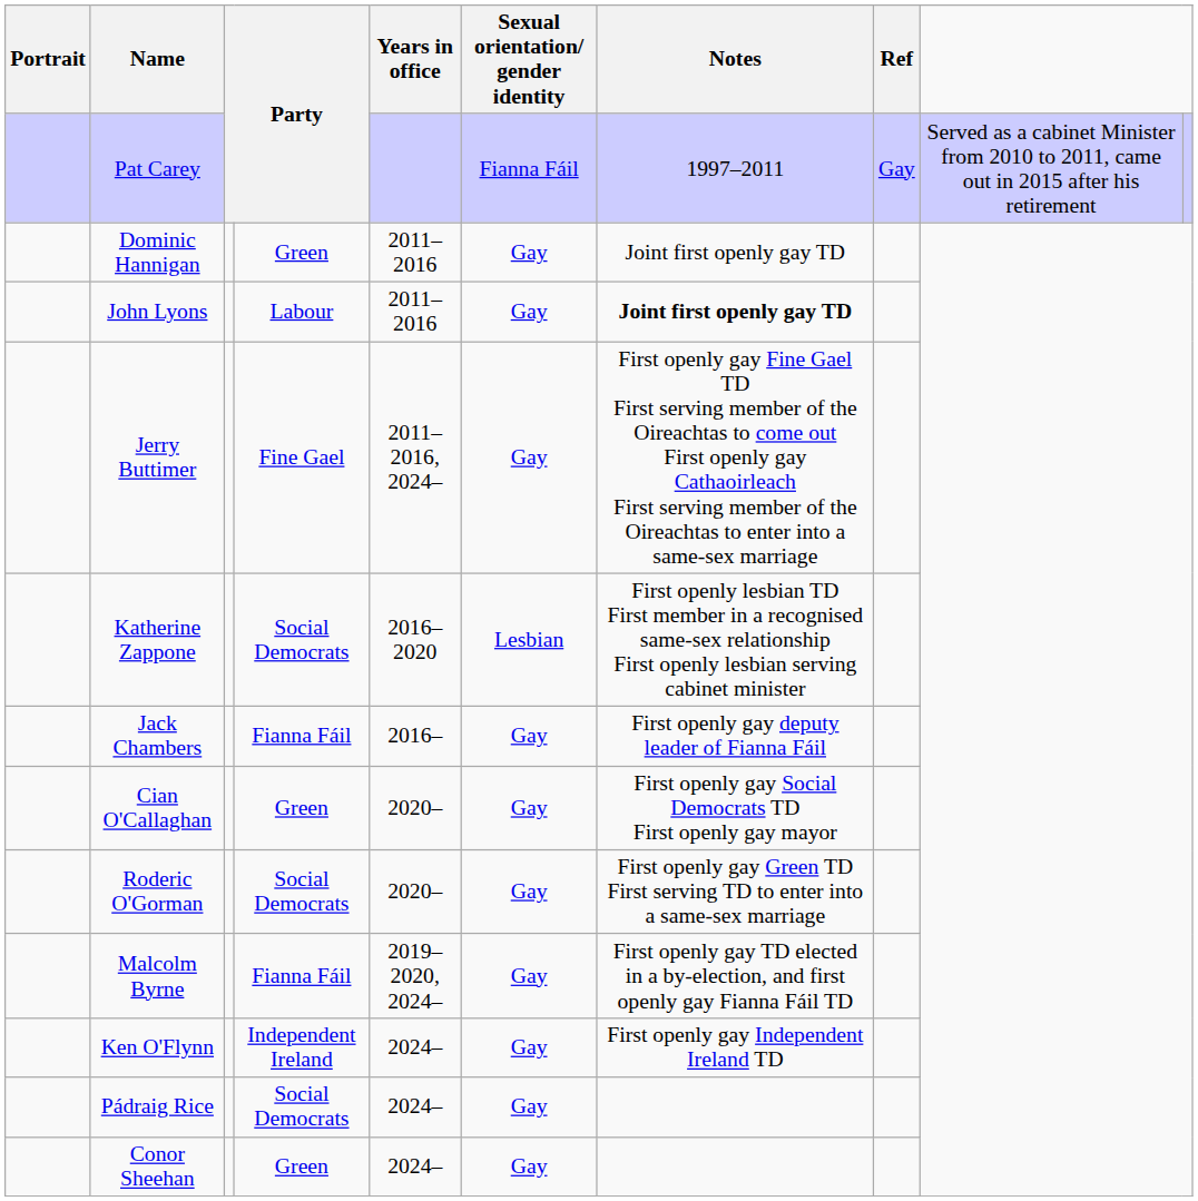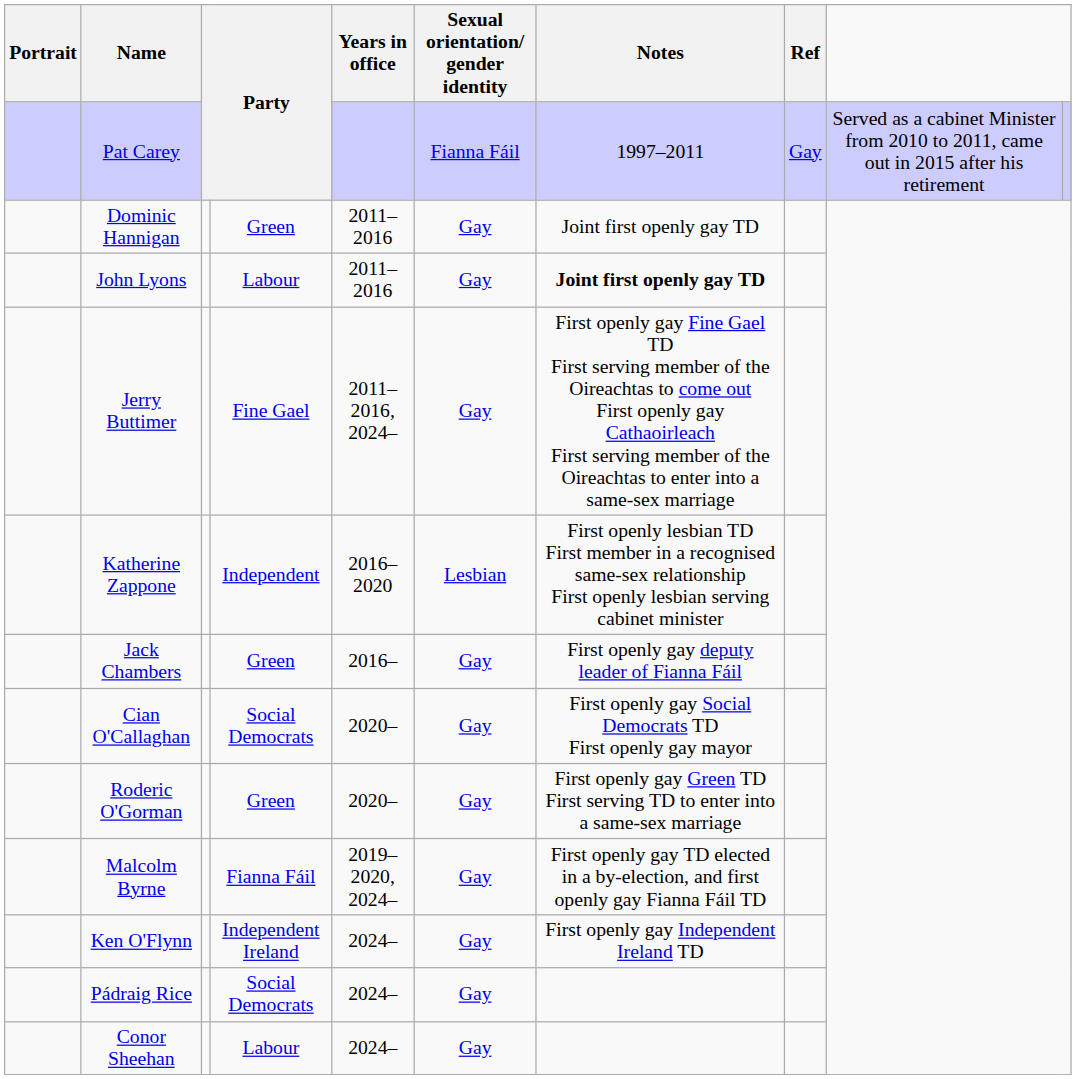 <table class="wikitable sortable" style="text-align:center">
 <tr>
 <th class=unsortable>Portrait</th>
 <th>Name</th>
 <th colspan="2" rowspan="2">Party</th>
 <th>Years in office</th>
 <th>Sexual orientation/<br>gender identity</th>
 <th>Notes</th>
 <th>Ref</th>
 </tr>
 <tr style="background:#CCF">
 <td></td>
 <td><a href='#'>Pat Carey</a><br></td>
 <td style="background-color:"></td>
 <td><a href='#'>Fianna Fáil</a></td>
 <td>1997–2011</td>
 <td><a href='#'>Gay</a></td>
 <td>Served as a cabinet Minister from 2010 to 2011, came out in 2015 after his retirement</td>
 <td></td>
 </tr>
 <tr>
 <td></td>
 <td><a href='#'>Dominic Hannigan</a><br></td>
 <td style="background-color:"></td>
 <td><a href='#'>Green</a></td>
 <td>2011–2016</td>
 <td><a href='#'>Gay</a></td>
 <td>Joint first openly gay TD</td>
 <td></td>
 </tr>
 <tr>
 <td></td>
 <td><a href='#'>John Lyons</a><br></td>
 <td style="background-color:"></td>
 <td><a href='#'>Labour</a></td>
 <td>2011–2016</td>
 <td><a href='#'>Gay</a></td>
 <td><strong>Joint first openly gay TD</strong></td>
 <td></td>
 </tr>
 <tr>
 <td></td>
 <td><a href='#'>Jerry Buttimer</a><br></td>
 <td style="background-color:"></td>
 <td><a href='#'>Fine Gael</a></td>
 <td>2011–2016, 2024–</td>
 <td><a href='#'>Gay</a></td>
 <td>First openly gay <a href='#'>Fine Gael</a> TD<br>First serving member of the Oireachtas to <a href='#'>come out</a><br>First openly gay <a href='#'>Cathaoirleach</a><br>First serving member of the Oireachtas to enter into a same-sex marriage</td>
 <td></td>
 </tr>
 <tr>
 <td></td>
 <td><a href='#'>Katherine Zappone</a><br></td>
 <td style="background-color:"></td>
-<td><a href='#'>Social Democrats</a></td>
+<td><a href='#'>Independent</a></td>
 <td>2016–2020</td>
 <td><a href='#'>Lesbian</a></td>
 <td>First openly lesbian TD<br>First member in a recognised same-sex relationship<br>First openly lesbian serving cabinet minister</td>
 <td></td>
 </tr>
 <tr>
 <td></td>
 <td><a href='#'>Jack Chambers</a><br></td>
 <td style="background-color:"></td>
-<td><a href='#'>Fianna Fáil</a></td>
+<td><a href='#'>Green</a></td>
 <td>2016–</td>
 <td><a href='#'>Gay</a></td>
 <td>First openly gay <a href='#'>deputy leader of Fianna Fáil</a></td>
 <td></td>
 </tr>
 <tr>
 <td></td>
 <td><a href='#'>Cian O'Callaghan</a><br></td>
 <td style="background-color:"></td>
-<td><a href='#'>Green</a></td>
+<td><a href='#'>Social Democrats</a></td>
 <td>2020–</td>
 <td><a href='#'>Gay</a></td>
 <td>First openly gay <a href='#'>Social Democrats</a> TD<br>First openly gay mayor</td>
 <td></td>
 </tr>
 <tr>
 <td></td>
 <td><a href='#'>Roderic O'Gorman</a><br></td>
 <td style="background-color:"></td>
-<td><a href='#'>Social Democrats</a></td>
+<td><a href='#'>Green</a></td>
 <td>2020–</td>
 <td><a href='#'>Gay</a></td>
 <td>First openly gay <a href='#'>Green</a> TD<br>First serving TD to enter into a same-sex marriage</td>
 <td></td>
 </tr>
 <tr>
 <td></td>
 <td><a href='#'>Malcolm Byrne</a><br></td>
 <td style="background-color:"></td>
 <td><a href='#'>Fianna Fáil</a></td>
 <td>2019–2020, 2024–</td>
 <td><a href='#'>Gay</a></td>
 <td>First openly gay TD elected in a by-election, and first openly gay Fianna Fáil TD</td>
 <td></td>
 </tr>
 <tr>
 <td></td>
 <td><a href='#'>Ken O'Flynn</a></td>
 <td style="background-color:"></td>
 <td><a href='#'>Independent Ireland</a></td>
 <td>2024–</td>
 <td><a href='#'>Gay</a></td>
 <td>First openly gay <a href='#'>Independent Ireland</a> TD</td>
 <td></td>
 </tr>
 <tr>
 <td></td>
 <td><a href='#'>Pádraig Rice</a><br></td>
 <td style="background-color:"></td>
 <td><a href='#'>Social Democrats</a></td>
 <td>2024–</td>
 <td><a href='#'>Gay</a></td>
 <td></td>
 <td></td>
 </tr>
 <tr>
 <td></td>
 <td><a href='#'>Conor Sheehan</a><br></td>
 <td style="background-color:"></td>
-<td><a href='#'>Green</a></td>
+<td><a href='#'>Labour</a></td>
 <td>2024–</td>
 <td><a href='#'>Gay</a></td>
 <td></td>
 <td></td>
 </tr>
 <tr>
 </tr>
 </table>
